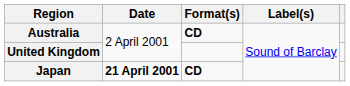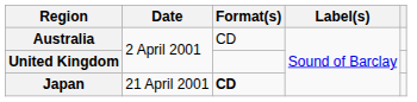 <table class="wikitable plainrowheaders">
 <tr>
 <th scope="col">Region</th>
 <th scope="col">Date</th>
 <th scope="col">Format(s)</th>
 <th scope="col">Label(s)</th>
 <th scope="col"></th>
 </tr>
 <tr>
 <th scope="row">Australia</th>
 <td rowspan="2">2 April 2001</td>
-<td><strong>CD</strong></td>
+<td>CD</td>
 <td rowspan="3"><a href='#'>Sound of Barclay</a></td>
 <td></td>
 </tr>
 <tr>
 <th scope="row">United Kingdom</th>
 <td></td>
 <td></td>
 </tr>
 <tr>
 <th scope="row">Japan</th>
-<td><strong>21 April 2001</strong></td>
+<td>21 April 2001</td>
 <td><strong>CD</strong></td>
 <td></td>
 </tr>
 </table>
